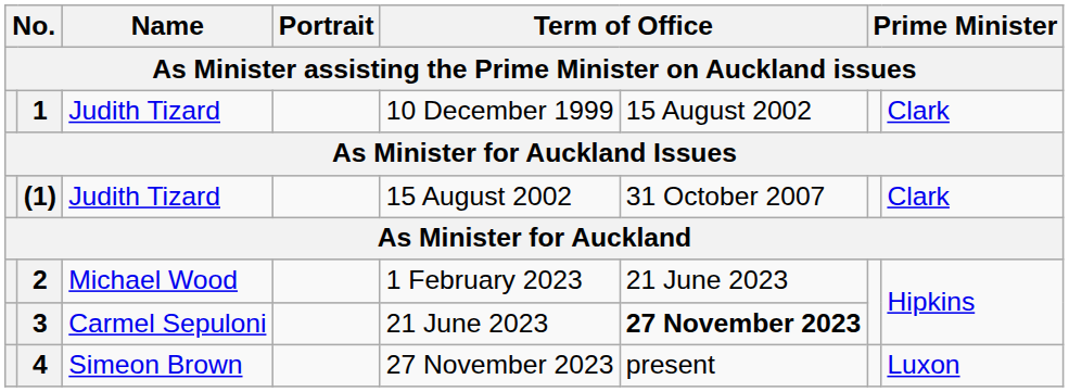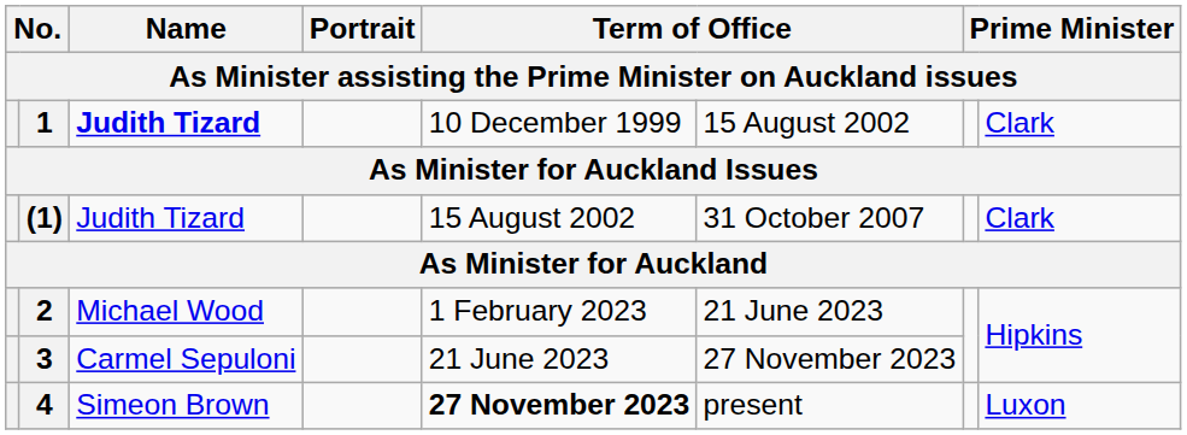 <table class="wikitable">
 <tr>
 <th colspan="2">No.</th>
 <th>Name</th>
 <th>Portrait</th>
 <th colspan="2">Term of Office</th>
 <th colspan="2">Prime Minister</th>
 </tr>
 <tr>
 <th colspan="8">As Minister assisting the Prime Minister on Auckland issues</th>
 </tr>
 <tr>
 <th style="color:inherit;background:"></th>
 <th>1</th>
-<td><a href='#'>Judith Tizard</a></td>
+<td><strong><a href='#'>Judith Tizard</a></strong></td>
 <td></td>
 <td>10 December 1999</td>
 <td>15 August 2002</td>
 <td width="1" style="color:inherit;background:"></td>
 <td><a href='#'>Clark</a></td>
 </tr>
 <tr>
 <th colspan="8">As Minister for Auckland Issues</th>
 </tr>
 <tr>
 <th style="color:inherit;background:"></th>
 <th>(1)</th>
 <td><a href='#'>Judith Tizard</a></td>
 <td></td>
 <td>15 August 2002</td>
 <td>31 October 2007</td>
 <td width="1" style="color:inherit;background:"></td>
 <td><a href='#'>Clark</a></td>
 </tr>
 <tr>
 <th colspan="8">As Minister for Auckland</th>
 </tr>
 <tr>
 <th style="color:inherit;background:"></th>
 <th>2</th>
 <td><a href='#'>Michael Wood</a></td>
 <td></td>
 <td>1 February 2023</td>
 <td>21 June 2023</td>
 <td width=1 rowspan=2 style="background:"></td>
 <td rowspan=2><a href='#'>Hipkins</a></td>
 </tr>
 <tr>
 <th style="color:inherit;background:"></th>
 <th>3</th>
 <td><a href='#'>Carmel Sepuloni</a></td>
 <td></td>
 <td>21 June 2023</td>
-<td><strong>27 November 2023</strong></td>
+<td>27 November 2023</td>
 </tr>
 <tr>
 <th style="color:inherit;background:"></th>
 <th>4</th>
 <td><a href='#'>Simeon Brown</a></td>
 <td></td>
-<td>27 November 2023</td>
+<td><strong>27 November 2023</strong></td>
 <td>present</td>
 <td style="color:inherit;background:"></td>
 <td><a href='#'>Luxon</a></td>
 </tr>
 </table>
